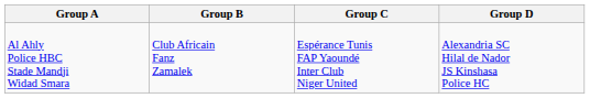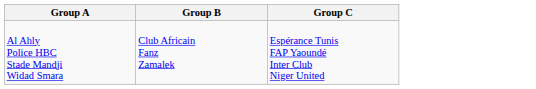 <table class="wikitable">
 <tr>
 <th width=195px>Group A</th>
 <th width=195px>Group B</th>
 <th width=195px>Group C</th>
-<th width=195px>Group D</th>
 </tr>
 <tr>
 <td valign=top><br> <a href='#'>Al Ahly</a><br>  <a href='#'>Police HBC</a><br>  <a href='#'>Stade Mandji</a><br>  <a href='#'>Widad Smara</a></td>
 <td valign=top><br> <a href='#'>Club Africain</a><br>  <a href='#'>Fanz</a><br>  <a href='#'>Zamalek</a></td>
 <td valign=top><br> <a href='#'>Espérance Tunis</a><br>  <a href='#'>FAP Yaoundé</a><br>  <a href='#'>Inter Club</a><br>  <a href='#'>Niger United</a></td>
-<td valign=top><br> <a href='#'>Alexandria SC</a><br>  <a href='#'>Hilal de Nador</a><br>  <a href='#'>JS Kinshasa</a><br>  <a href='#'>Police HC</a></td>
 </tr>
 </table>
